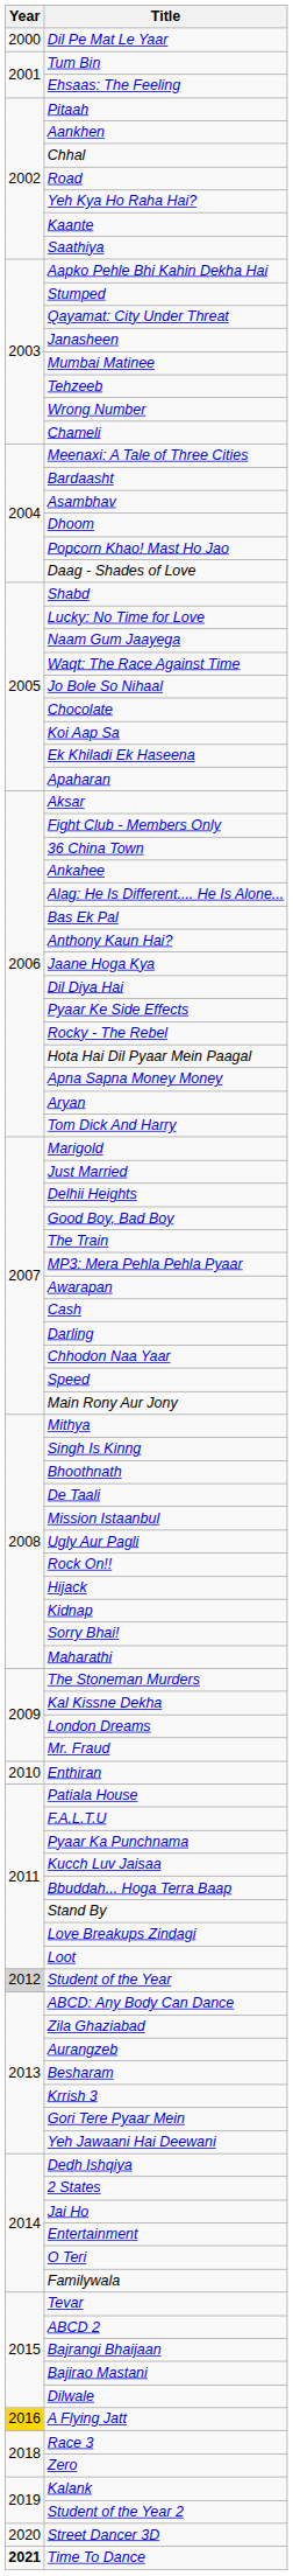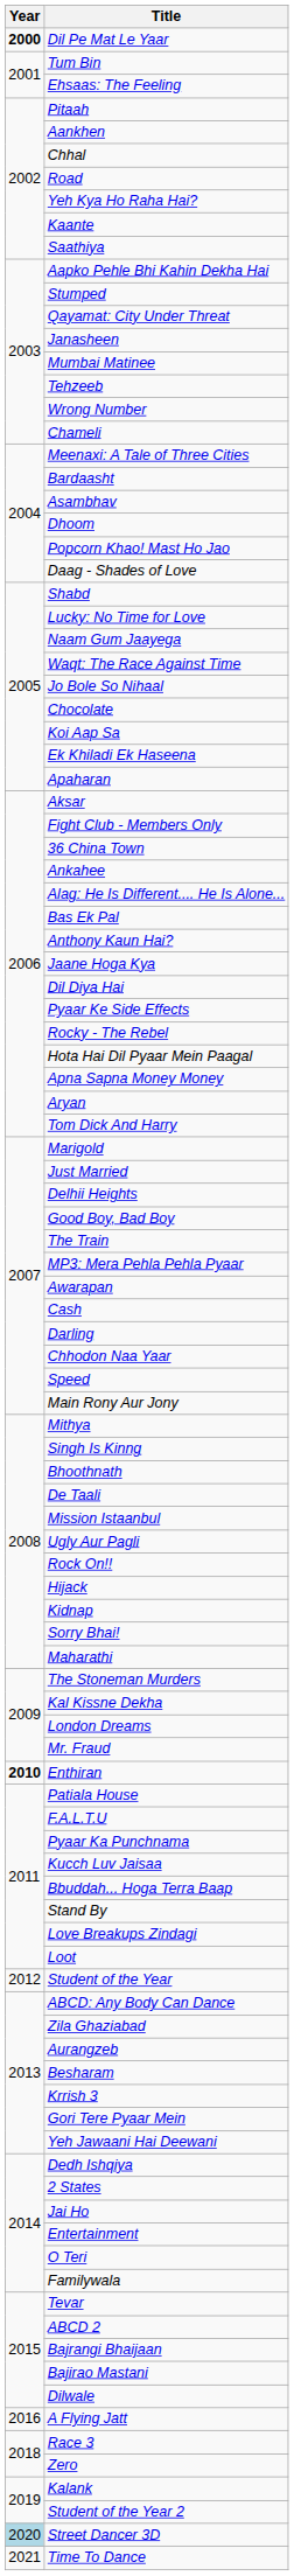 <table class="wikitable">
 <tr>
 <th>Year</th>
 <th>Title</th>
 </tr>
 <tr>
-<td>2000</td>
+<td><strong>2000</strong></td>
 <td><em><a href='#'>Dil Pe Mat Le Yaar</a></em></td>
 </tr>
 <tr>
 <td rowspan="2">2001</td>
 <td><em><a href='#'>Tum Bin</a></em></td>
 </tr>
 <tr>
 <td><em><a href='#'>Ehsaas: The Feeling</a></em></td>
 </tr>
 <tr>
 <td rowspan="7">2002</td>
 <td><em><a href='#'>Pitaah</a></em></td>
 </tr>
 <tr>
 <td><em><a href='#'>Aankhen</a></em></td>
 </tr>
 <tr>
 <td><em>Chhal</em></td>
 </tr>
 <tr>
 <td><em><a href='#'>Road</a></em></td>
 </tr>
 <tr>
 <td><em><a href='#'>Yeh Kya Ho Raha Hai?</a></em></td>
 </tr>
 <tr>
 <td><em><a href='#'>Kaante</a></em></td>
 </tr>
 <tr>
 <td><em><a href='#'>Saathiya</a></em></td>
 </tr>
 <tr>
 <td rowspan="8">2003</td>
 <td><em><a href='#'>Aapko Pehle Bhi Kahin Dekha Hai</a></em></td>
 </tr>
 <tr>
 <td><em><a href='#'>Stumped</a></em></td>
 </tr>
 <tr>
 <td><em><a href='#'>Qayamat: City Under Threat</a></em></td>
 </tr>
 <tr>
 <td><em><a href='#'>Janasheen</a></em></td>
 </tr>
 <tr>
 <td><em><a href='#'>Mumbai Matinee</a></em></td>
 </tr>
 <tr>
 <td><em><a href='#'>Tehzeeb</a></em></td>
 </tr>
 <tr>
 <td><em><a href='#'>Wrong Number</a></em></td>
 </tr>
 <tr>
 <td><em><a href='#'>Chameli</a></em></td>
 </tr>
 <tr>
 <td rowspan="6">2004</td>
 <td><em><a href='#'>Meenaxi: A Tale of Three Cities</a></em></td>
 </tr>
 <tr>
 <td><em><a href='#'>Bardaasht</a></em></td>
 </tr>
 <tr>
 <td><em><a href='#'>Asambhav</a></em></td>
 </tr>
 <tr>
 <td><em><a href='#'>Dhoom</a></em></td>
 </tr>
 <tr>
 <td><em><a href='#'>Popcorn Khao! Mast Ho Jao</a></em></td>
 </tr>
 <tr>
 <td><em>Daag - Shades of Love</em></td>
 </tr>
 <tr>
 <td rowspan="9">2005</td>
 <td><em><a href='#'>Shabd</a></em></td>
 </tr>
 <tr>
 <td><em><a href='#'>Lucky: No Time for Love</a></em></td>
 </tr>
 <tr>
 <td><em><a href='#'>Naam Gum Jaayega</a></em></td>
 </tr>
 <tr>
 <td><em><a href='#'>Waqt: The Race Against Time</a></em></td>
 </tr>
 <tr>
 <td><em><a href='#'>Jo Bole So Nihaal</a></em></td>
 </tr>
 <tr>
 <td><em><a href='#'>Chocolate</a></em></td>
 </tr>
 <tr>
 <td><em><a href='#'>Koi Aap Sa</a></em></td>
 </tr>
 <tr>
 <td><em><a href='#'>Ek Khiladi Ek Haseena</a></em></td>
 </tr>
 <tr>
 <td><em><a href='#'>Apaharan</a></em></td>
 </tr>
 <tr>
 <td rowspan="15">2006</td>
 <td><em><a href='#'>Aksar</a></em></td>
 </tr>
 <tr>
 <td><em><a href='#'>Fight Club - Members Only</a></em></td>
 </tr>
 <tr>
 <td><em><a href='#'>36 China Town</a></em></td>
 </tr>
 <tr>
 <td><em><a href='#'>Ankahee</a></em></td>
 </tr>
 <tr>
 <td><em><a href='#'>Alag: He Is Different.... He Is Alone...</a></em></td>
 </tr>
 <tr>
 <td><em><a href='#'>Bas Ek Pal</a></em></td>
 </tr>
 <tr>
 <td><em><a href='#'>Anthony Kaun Hai?</a></em></td>
 </tr>
 <tr>
 <td><em><a href='#'>Jaane Hoga Kya</a></em></td>
 </tr>
 <tr>
 <td><em><a href='#'>Dil Diya Hai</a></em></td>
 </tr>
 <tr>
 <td><em><a href='#'>Pyaar Ke Side Effects</a></em></td>
 </tr>
 <tr>
 <td><em><a href='#'>Rocky - The Rebel</a></em></td>
 </tr>
 <tr>
 <td><em>Hota Hai Dil Pyaar Mein Paagal</em></td>
 </tr>
 <tr>
 <td><em><a href='#'>Apna Sapna Money Money</a></em></td>
 </tr>
 <tr>
 <td><em><a href='#'>Aryan</a></em></td>
 </tr>
 <tr>
 <td><em><a href='#'>Tom Dick And Harry</a></em></td>
 </tr>
 <tr>
 <td rowspan="12">2007</td>
 <td><em><a href='#'>Marigold</a></em></td>
 </tr>
 <tr>
 <td><em><a href='#'>Just Married</a></em></td>
 </tr>
 <tr>
 <td><em><a href='#'>Delhii Heights</a></em></td>
 </tr>
 <tr>
 <td><em><a href='#'>Good Boy, Bad Boy</a></em></td>
 </tr>
 <tr>
 <td><em><a href='#'>The Train</a></em></td>
 </tr>
 <tr>
 <td><em><a href='#'>MP3: Mera Pehla Pehla Pyaar</a></em></td>
 </tr>
 <tr>
 <td><em><a href='#'>Awarapan</a></em></td>
 </tr>
 <tr>
 <td><em><a href='#'>Cash</a></em></td>
 </tr>
 <tr>
 <td><em><a href='#'>Darling</a></em></td>
 </tr>
 <tr>
 <td><em><a href='#'>Chhodon Naa Yaar</a></em></td>
 </tr>
 <tr>
 <td><em><a href='#'>Speed</a></em></td>
 </tr>
 <tr>
 <td><em>Main Rony Aur Jony</em></td>
 </tr>
 <tr>
 <td rowspan="11">2008</td>
 <td><em><a href='#'>Mithya</a></em></td>
 </tr>
 <tr>
 <td><em><a href='#'>Singh Is Kinng</a></em></td>
 </tr>
 <tr>
 <td><em><a href='#'>Bhoothnath</a></em></td>
 </tr>
 <tr>
 <td><em><a href='#'>De Taali</a></em></td>
 </tr>
 <tr>
 <td><em><a href='#'>Mission Istaanbul</a></em></td>
 </tr>
 <tr>
 <td><em><a href='#'>Ugly Aur Pagli</a></em></td>
 </tr>
 <tr>
 <td><em><a href='#'>Rock On!!</a></em></td>
 </tr>
 <tr>
 <td><em><a href='#'>Hijack</a></em></td>
 </tr>
 <tr>
 <td><em><a href='#'>Kidnap</a></em></td>
 </tr>
 <tr>
 <td><em><a href='#'>Sorry Bhai!</a></em></td>
 </tr>
 <tr>
 <td><em><a href='#'>Maharathi</a></em></td>
 </tr>
 <tr>
 <td rowspan="4">2009</td>
 <td><em><a href='#'>The Stoneman Murders</a></em></td>
 </tr>
 <tr>
 <td><em><a href='#'>Kal Kissne Dekha</a></em></td>
 </tr>
 <tr>
 <td><em><a href='#'>London Dreams</a></em></td>
 </tr>
 <tr>
 <td><em><a href='#'>Mr. Fraud</a></em></td>
 </tr>
 <tr>
-<td>2010</td>
+<td><strong>2010</strong></td>
 <td><em><a href='#'>Enthiran</a></em></td>
 </tr>
 <tr>
 <td rowspan="8">2011</td>
 <td><em><a href='#'>Patiala House</a></em></td>
 </tr>
 <tr>
 <td><em><a href='#'>F.A.L.T.U</a></em></td>
 </tr>
 <tr>
 <td><em><a href='#'>Pyaar Ka Punchnama</a></em></td>
 </tr>
 <tr>
 <td><em><a href='#'>Kucch Luv Jaisaa</a></em></td>
 </tr>
 <tr>
 <td><em><a href='#'>Bbuddah... Hoga Terra Baap</a></em></td>
 </tr>
 <tr>
 <td><em>Stand By</em></td>
 </tr>
 <tr>
 <td><em><a href='#'>Love Breakups Zindagi</a></em></td>
 </tr>
 <tr>
 <td><em><a href='#'>Loot</a></em></td>
 </tr>
 <tr>
-<td style="background: lightgrey;">2012</td>
+<td>2012</td>
 <td><em><a href='#'>Student of the Year</a></em></td>
 </tr>
 <tr>
 <td rowspan="7">2013</td>
 <td><em><a href='#'>ABCD: Any Body Can Dance</a></em></td>
 </tr>
 <tr>
 <td><em><a href='#'>Zila Ghaziabad</a></em></td>
 </tr>
 <tr>
 <td><em><a href='#'>Aurangzeb</a></em></td>
 </tr>
 <tr>
 <td><em><a href='#'>Besharam</a></em></td>
 </tr>
 <tr>
 <td><em><a href='#'>Krrish 3</a></em></td>
 </tr>
 <tr>
 <td><em><a href='#'>Gori Tere Pyaar Mein</a></em></td>
 </tr>
 <tr>
 <td><em><a href='#'>Yeh Jawaani Hai Deewani</a></em></td>
 </tr>
 <tr>
 <td rowspan="6">2014</td>
 <td><em><a href='#'>Dedh Ishqiya</a></em></td>
 </tr>
 <tr>
 <td><em><a href='#'>2 States</a></em></td>
 </tr>
 <tr>
 <td><em><a href='#'>Jai Ho</a></em></td>
 </tr>
 <tr>
 <td><em><a href='#'>Entertainment</a></em></td>
 </tr>
 <tr>
 <td><em><a href='#'>O Teri</a></em></td>
 </tr>
 <tr>
 <td><em>Familywala</em></td>
 </tr>
 <tr>
 <td rowspan="5">2015</td>
 <td><em><a href='#'>Tevar</a></em></td>
 </tr>
 <tr>
 <td><em><a href='#'>ABCD 2</a></em></td>
 </tr>
 <tr>
 <td><em><a href='#'>Bajrangi Bhaijaan</a></em></td>
 </tr>
 <tr>
 <td><em><a href='#'>Bajirao Mastani</a></em></td>
 </tr>
 <tr>
 <td><em><a href='#'>Dilwale</a></em></td>
 </tr>
 <tr>
-<td style="background: gold;">2016</td>
+<td>2016</td>
 <td><em><a href='#'>A Flying Jatt</a></em></td>
 </tr>
 <tr>
 <td rowspan="2">2018</td>
 <td><em><a href='#'>Race 3</a></em></td>
 </tr>
 <tr>
 <td><em><a href='#'>Zero</a></em></td>
 </tr>
 <tr>
 <td rowspan="2">2019</td>
 <td><em><a href='#'>Kalank</a></em></td>
 </tr>
 <tr>
 <td><em><a href='#'>Student of the Year 2</a></em></td>
 </tr>
 <tr>
-<td>2020</td>
+<td style="background: lightblue;">2020</td>
 <td><em><a href='#'>Street Dancer 3D</a></em></td>
 </tr>
 <tr>
-<td><strong>2021</strong></td>
+<td>2021</td>
 <td><em><a href='#'>Time To Dance</a></em></td>
 </tr>
 </table>
